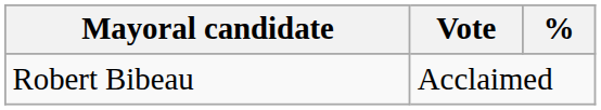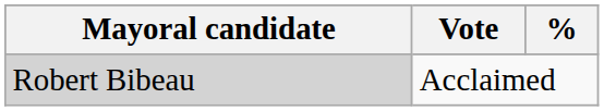 <table class="wikitable">
 <tr>
 <th bgcolor="#DDDDFF" width="200px">Mayoral candidate</th>
 <th bgcolor="#DDDDFF" width="50px">Vote</th>
 <th bgcolor="#DDDDFF"  width="30px">%</th>
 </tr>
 <tr>
-<td>Robert Bibeau</td>
+<td style="background: lightgrey;">Robert Bibeau</td>
 <td colspan="2">Acclaimed</td>
 </tr>
 </table>
